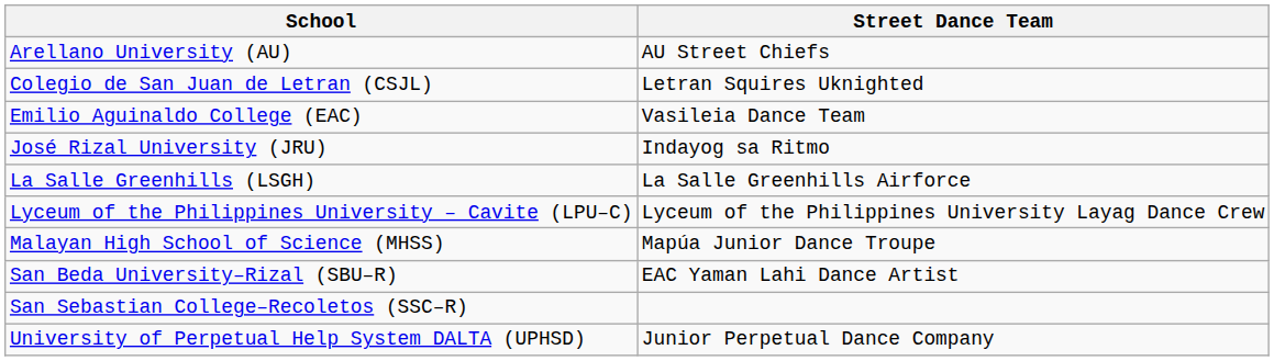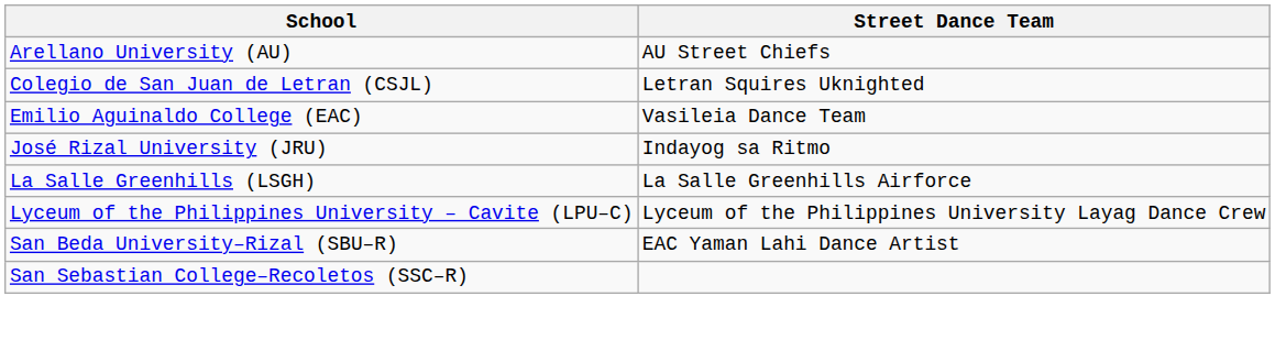 <table class="wikitable" style="text align: center">
 <tr bgcolor="#efefef">
 <th>School</th>
 <th>Street Dance Team</th>
 </tr>
 <tr>
 <td> <a href='#'>Arellano University</a> (AU)</td>
 <td>AU Street Chiefs</td>
 </tr>
 <tr>
 <td> <a href='#'>Colegio de San Juan de Letran</a> (CSJL)</td>
 <td>Letran Squires Uknighted</td>
 </tr>
 <tr>
 <td> <a href='#'>Emilio Aguinaldo College</a> (EAC)</td>
 <td>Vasileia Dance Team</td>
 </tr>
 <tr>
 <td> <a href='#'>José Rizal University</a> (JRU)</td>
 <td>Indayog sa Ritmo</td>
 </tr>
 <tr>
 <td> <a href='#'>La Salle Greenhills</a> (LSGH)</td>
 <td>La Salle Greenhills Airforce</td>
 </tr>
 <tr>
 <td> <a href='#'>Lyceum of the Philippines University – Cavite</a> (LPU–C)</td>
 <td>Lyceum of the Philippines University Layag Dance Crew</td>
 </tr>
 <tr>
-<td> <a href='#'>Malayan High School of Science</a> (MHSS)</td>
-<td>Mapúa Junior Dance Troupe</td>
-</tr>
-<tr>
 <td> <a href='#'>San Beda University–Rizal</a> (SBU–R)</td>
 <td>EAC Yaman Lahi Dance Artist</td>
 </tr>
 <tr>
 <td> <a href='#'>San Sebastian College–Recoletos</a> (SSC–R)</td>
 <td></td>
 </tr>
-<tr>
-<td> <a href='#'>University of Perpetual Help System DALTA</a> (UPHSD)</td>
-<td>Junior Perpetual Dance Company</td>
-</tr>
 </table>
